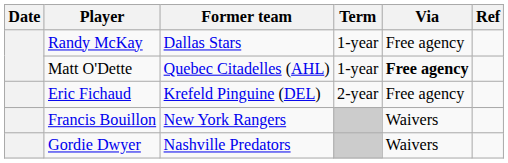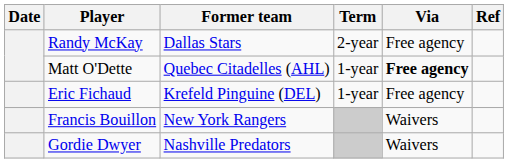 <table class="wikitable plainrowheaders">
 <tr style="background:#ddd; text-align:center;">
 <th>Date</th>
 <th>Player</th>
 <th>Former team</th>
 <th>Term</th>
 <th>Via</th>
 <th>Ref</th>
 </tr>
 <tr>
 <th scope="row" rowspan=2></th>
 <td><a href='#'>Randy McKay</a></td>
 <td><a href='#'>Dallas Stars</a></td>
-<td>1-year</td>
+<td>2-year</td>
 <td>Free agency</td>
 <td></td>
 </tr>
 <tr>
 <td>Matt O'Dette</td>
 <td><a href='#'>Quebec Citadelles</a> (<a href='#'>AHL</a>)</td>
 <td>1-year</td>
 <td><strong>Free agency</strong></td>
 <td></td>
 </tr>
 <tr>
 <th scope="row"></th>
 <td><a href='#'>Eric Fichaud</a></td>
 <td><a href='#'>Krefeld Pinguine</a> (<a href='#'>DEL</a>)</td>
-<td>2-year</td>
+<td>1-year</td>
 <td>Free agency</td>
 <td></td>
 </tr>
 <tr>
 <th scope="row"></th>
 <td><a href='#'>Francis Bouillon</a></td>
 <td><a href='#'>New York Rangers</a></td>
 <td style="background:#ccc"></td>
 <td>Waivers</td>
 <td></td>
 </tr>
 <tr>
 <th scope="row"></th>
 <td><a href='#'>Gordie Dwyer</a></td>
 <td><a href='#'>Nashville Predators</a></td>
 <td style="background:#ccc"></td>
 <td>Waivers</td>
 <td></td>
 </tr>
 </table>
